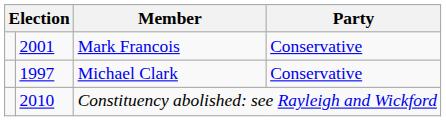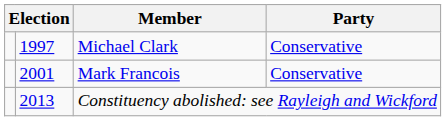 <table class="wikitable">
 <tr>
 <th colspan="2">Election</th>
 <th>Member</th>
 <th>Party</th>
 </tr>
 <tr>
 <td style="color:inherit;background-color: "></td>
+<td><a href='#'>1997</a></td>
+<td><a href='#'>Michael Clark</a></td>
+<td><a href='#'>Conservative</a></td>
+</tr>
+<tr>
+<td style="color:inherit;background-color: "></td>
 <td><a href='#'>2001</a></td>
 <td><a href='#'>Mark Francois</a></td>
 <td><a href='#'>Conservative</a></td>
 </tr>
 <tr>
-<td style="color:inherit;background-color: "></td>
-<td><a href='#'>1997</a></td>
-<td><a href='#'>Michael Clark</a></td>
-<td><a href='#'>Conservative</a></td>
-</tr>
-<tr>
 <td></td>
-<td><a href='#'>2010</a></td>
+<td><a href='#'>2013</a></td>
 <td colspan="2"><em>Constituency abolished: see <a href='#'>Rayleigh and Wickford</a></em></td>
 </tr>
 </table>
